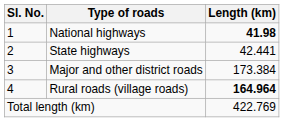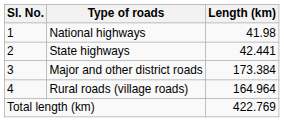 <table class="wikitable">
 <tr valign="bottom">
 <th>Sl. No.</th>
 <th>Type of roads</th>
 <th>Length (km)</th>
 </tr>
 <tr valign="bottom">
 <td Height="12.75">1</td>
 <td>National highways</td>
-<td align="right"><strong>41.98</strong></td>
+<td align="right">41.98</td>
 </tr>
 <tr valign="bottom">
 <td Height="12.75">2</td>
 <td>State highways</td>
 <td align="right">42.441</td>
 </tr>
 <tr valign="bottom">
 <td Height="12.75">3</td>
 <td>Major and other district roads</td>
 <td align="right">173.384</td>
 </tr>
 <tr valign="bottom">
 <td Height="12.75">4</td>
 <td>Rural roads (village roads)</td>
-<td align="right"><strong>164.964</strong></td>
+<td align="right">164.964</td>
 </tr>
 <tr valign="bottom">
 <td colspan="2">Total length (km)</td>
 <td align="right">422.769</td>
 </tr>
 </table>
